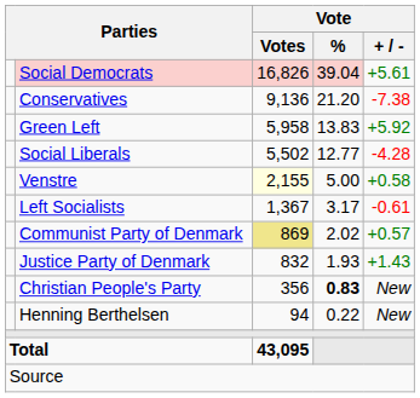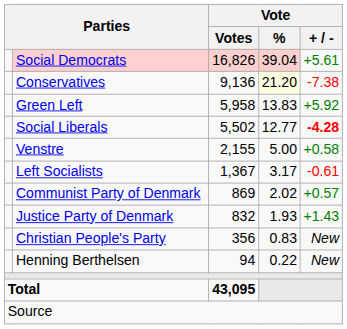 <table class="wikitable" style="text-align:right;">
 <tr>
 <th style="text-align:centre;" rowspan="2" colspan="2" width="225">Parties</th>
 <th colspan="3">Vote</th>
 </tr>
 <tr>
 <th width="15">Votes</th>
 <th width="15">%</th>
 <th width="15">+ / -</th>
 </tr>
 <tr>
 <td width="2" style="color:inherit;background:"></td>
 <td bgcolor=#fbd0ce  align="left"><a href='#'>Social Democrats</a></td>
 <td bgcolor=#fbd0ce>16,826</td>
 <td bgcolor=#fbd0ce>39.04</td>
 <td style=color:green;>+5.61</td>
 </tr>
 <tr>
 <td width="2" style="color:inherit;background:"></td>
 <td align="left"><a href='#'>Conservatives</a></td>
 <td>9,136</td>
-<td>21.20</td>
+<td style="background: lightyellow;">21.20</td>
 <td style=color:red;>-7.38</td>
 </tr>
 <tr>
 <td width="2" style="color:inherit;background:"></td>
 <td align="left"><a href='#'>Green Left</a></td>
 <td>5,958</td>
 <td>13.83</td>
 <td style=color:green;>+5.92</td>
 </tr>
 <tr>
 <td width="2" style="color:inherit;background:"></td>
 <td align="left"><a href='#'>Social Liberals</a></td>
 <td>5,502</td>
 <td>12.77</td>
-<td style=color:red;>-4.28</td>
+<td style=color:red;><strong>-4.28</strong></td>
 </tr>
 <tr>
 <td width="2" style="color:inherit;background:"></td>
 <td align="left"><a href='#'>Venstre</a></td>
-<td style="background: lightyellow;">2,155</td>
+<td>2,155</td>
 <td>5.00</td>
 <td style=color:green;>+0.58</td>
 </tr>
 <tr>
 <td width="2" style="color:inherit;background:"></td>
 <td align="left"><a href='#'>Left Socialists</a></td>
 <td>1,367</td>
 <td>3.17</td>
 <td style=color:red;>-0.61</td>
 </tr>
 <tr>
 <td width="2" style="color:inherit;background:"></td>
 <td align="left"><a href='#'>Communist Party of Denmark</a></td>
-<td style="background: khaki;">869</td>
+<td>869</td>
 <td>2.02</td>
 <td style=color:green;>+0.57</td>
 </tr>
 <tr>
 <td width="2" style="color:inherit;background:"></td>
 <td align="left"><a href='#'>Justice Party of Denmark</a></td>
 <td>832</td>
 <td>1.93</td>
 <td style=color:green;>+1.43</td>
 </tr>
 <tr>
 <td width="2" style="color:inherit;background:"></td>
 <td align="left"><a href='#'>Christian People's Party</a></td>
 <td>356</td>
-<td><strong>0.83</strong></td>
+<td>0.83</td>
 <td><em>New</em></td>
 </tr>
 <tr>
 <td width="2" style="color:inherit;background:"></td>
 <td align="left">Henning Berthelsen</td>
 <td>94</td>
 <td>0.22</td>
 <td><em>New</em></td>
 </tr>
 <tr>
 <td colspan="7" bgcolor="#E9E9E9"></td>
 </tr>
 <tr>
 <td align="left" colspan="2"><strong>Total</strong></td>
 <td><strong>43,095</strong></td>
 <td bgcolor="#E9E9E9" colspan="2"></td>
 </tr>
 <tr>
 <td align="left" colspan="6">Source</td>
 </tr>
 </table>
